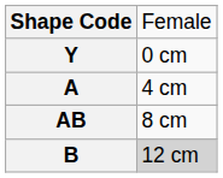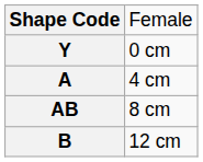 <table class="wikitable">
 <tr>
 <th>Shape Code</th>
 <td>Female</td>
 </tr>
 <tr>
 <th>Y</th>
 <td>0 cm</td>
 </tr>
 <tr>
 <th>A</th>
 <td>4 cm</td>
 </tr>
 <tr>
 <th>AB</th>
 <td>8 cm</td>
 </tr>
 <tr>
 <th>B</th>
-<td style="background: lightgrey;">12 cm</td>
+<td>12 cm</td>
 </tr>
 </table>
